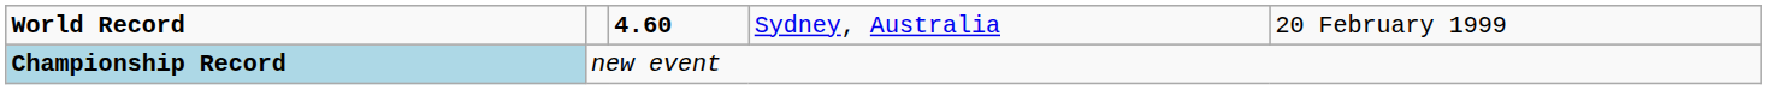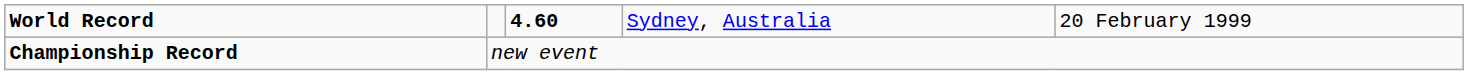 <table class="wikitable" width=75%>
 <tr>
 <td><strong>World Record</strong></td>
 <td></td>
 <td><strong>4.60</strong></td>
 <td><a href='#'>Sydney</a>, <a href='#'>Australia</a></td>
 <td>20 February 1999</td>
 </tr>
 <tr>
-<td style="background: lightblue;"><strong>Championship Record</strong></td>
+<td><strong>Championship Record</strong></td>
 <td colspan="4"><em>new event</em></td>
 </tr>
 </table>
